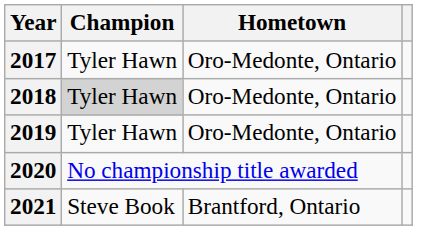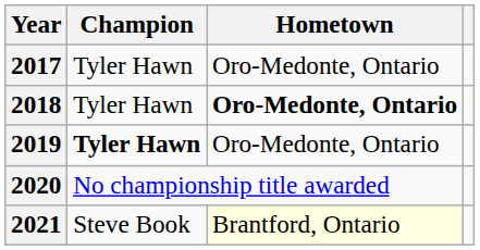 <table class="wikitable">
 <tr>
 <th>Year</th>
 <th>Champion</th>
 <th>Hometown</th>
 <th></th>
 </tr>
 <tr>
 <th>2017</th>
 <td> Tyler Hawn</td>
 <td>Oro-Medonte, Ontario</td>
 <td></td>
 </tr>
 <tr>
 <th>2018</th>
-<td style="background: lightgrey;"> Tyler Hawn</td>
-<td>Oro-Medonte, Ontario</td>
+<td> Tyler Hawn</td>
+<td><strong>Oro-Medonte, Ontario</strong></td>
 <td></td>
 </tr>
 <tr>
 <th>2019</th>
-<td> Tyler Hawn</td>
+<td><strong> Tyler Hawn</strong></td>
 <td>Oro-Medonte, Ontario</td>
 <td></td>
 </tr>
 <tr>
 <th>2020</th>
 <td colspan=2><a href='#'>No championship title awarded</a></td>
 <td></td>
 </tr>
 <tr>
 <th>2021</th>
 <td> Steve Book</td>
-<td>Brantford, Ontario</td>
+<td style="background: lightyellow;">Brantford, Ontario</td>
 <td></td>
 </tr>
 </table>
